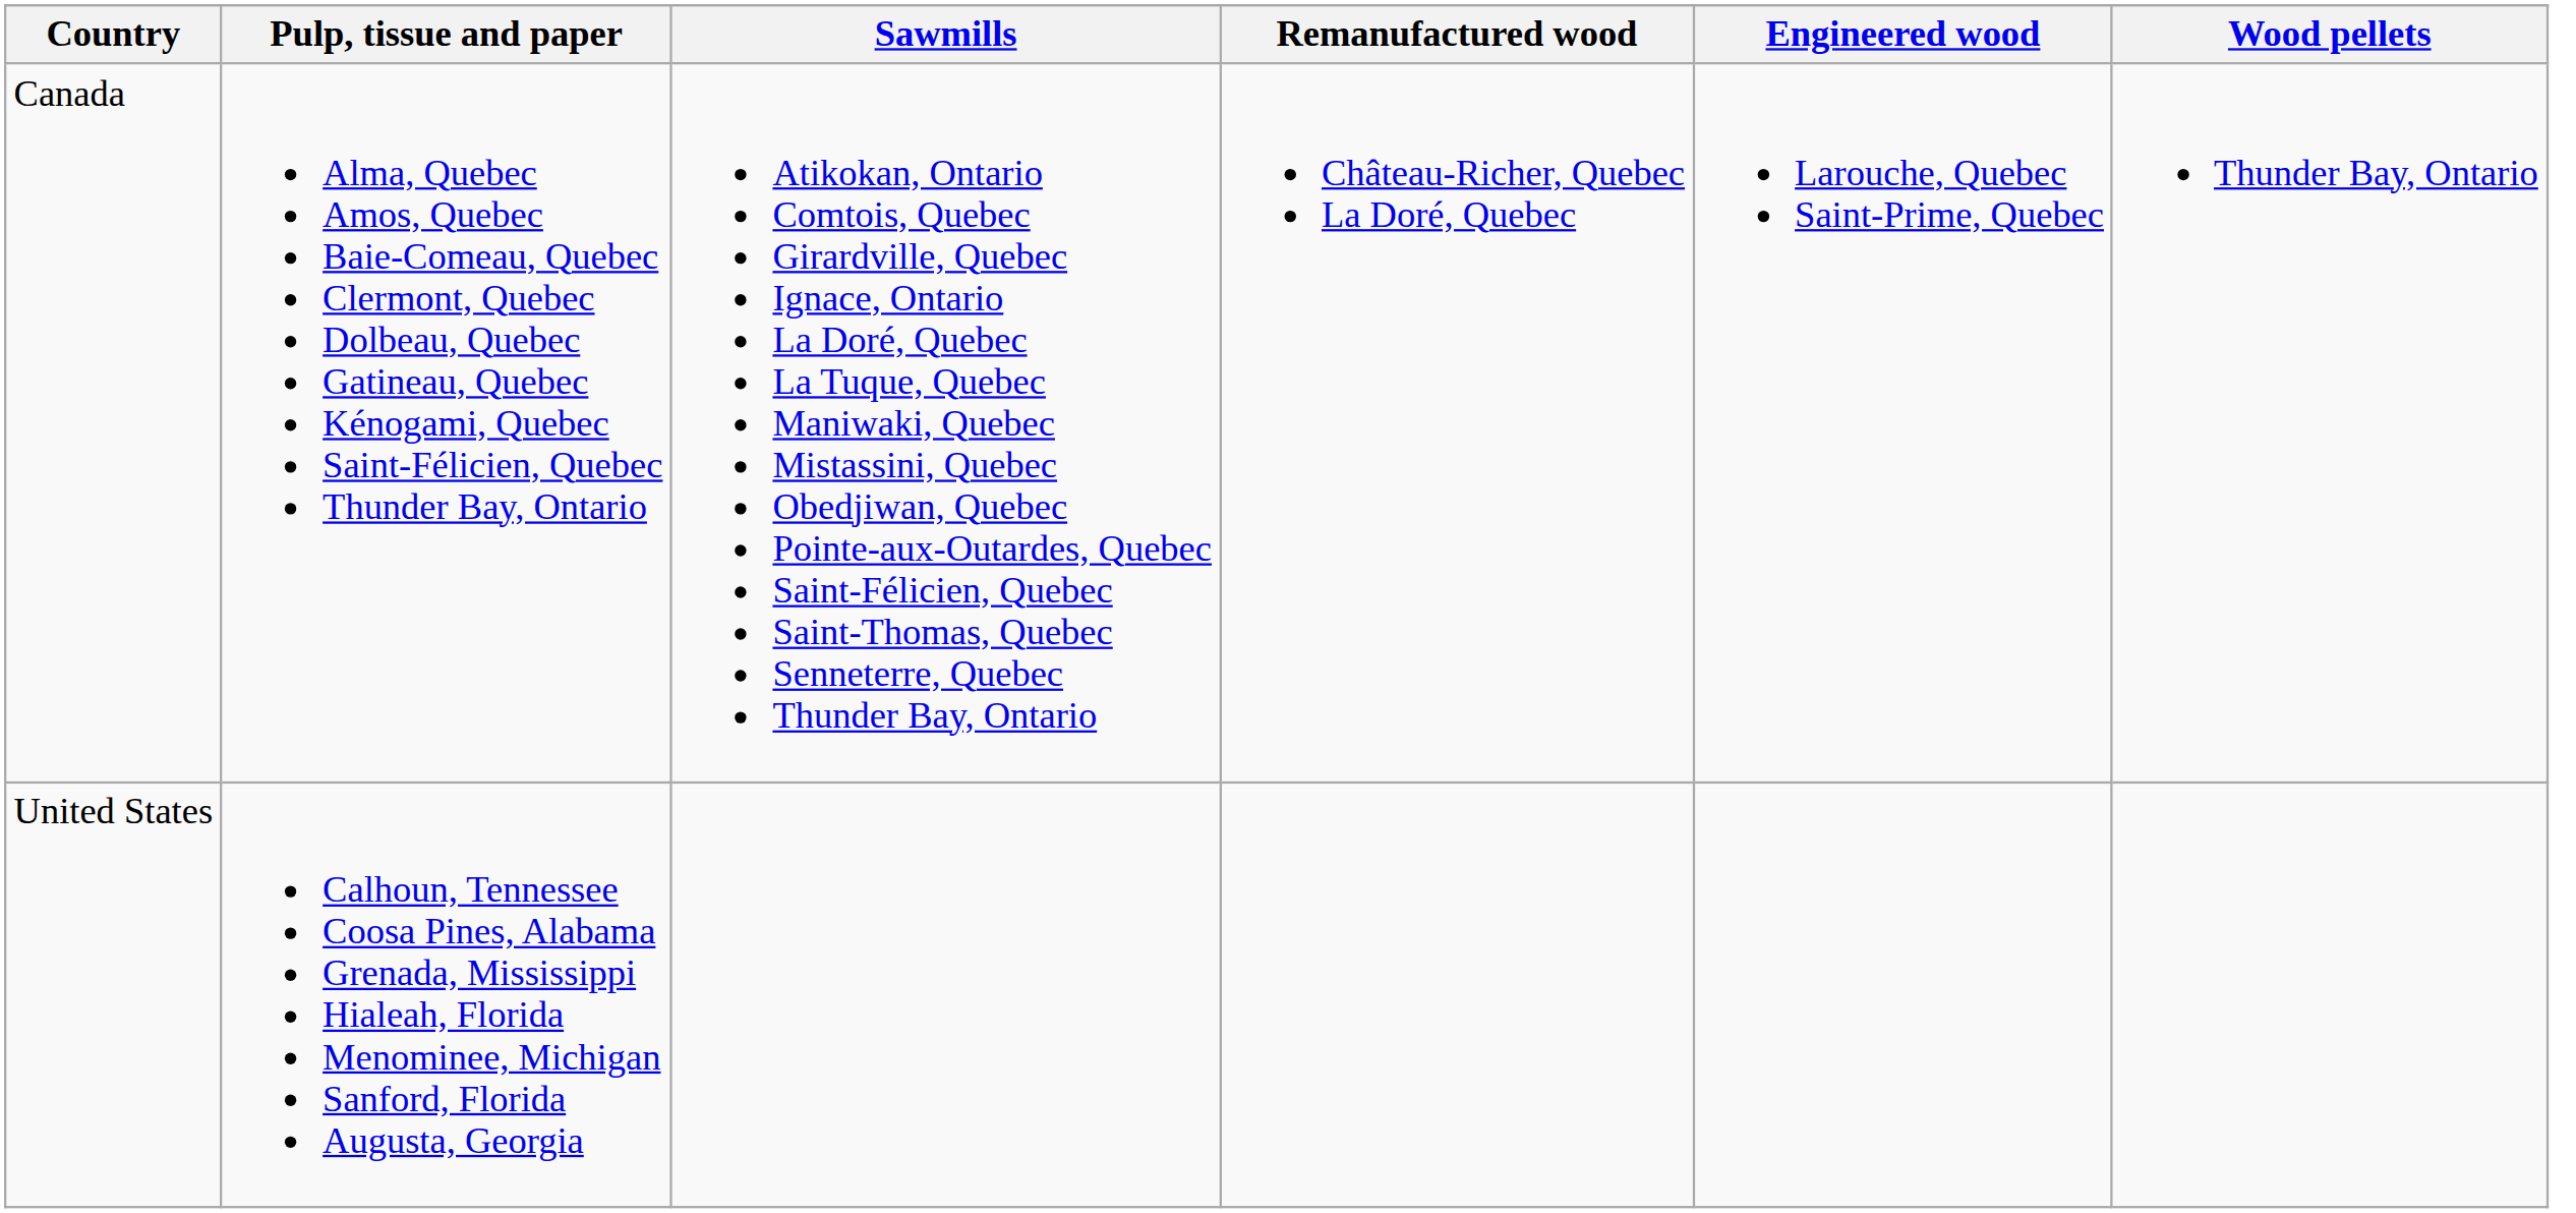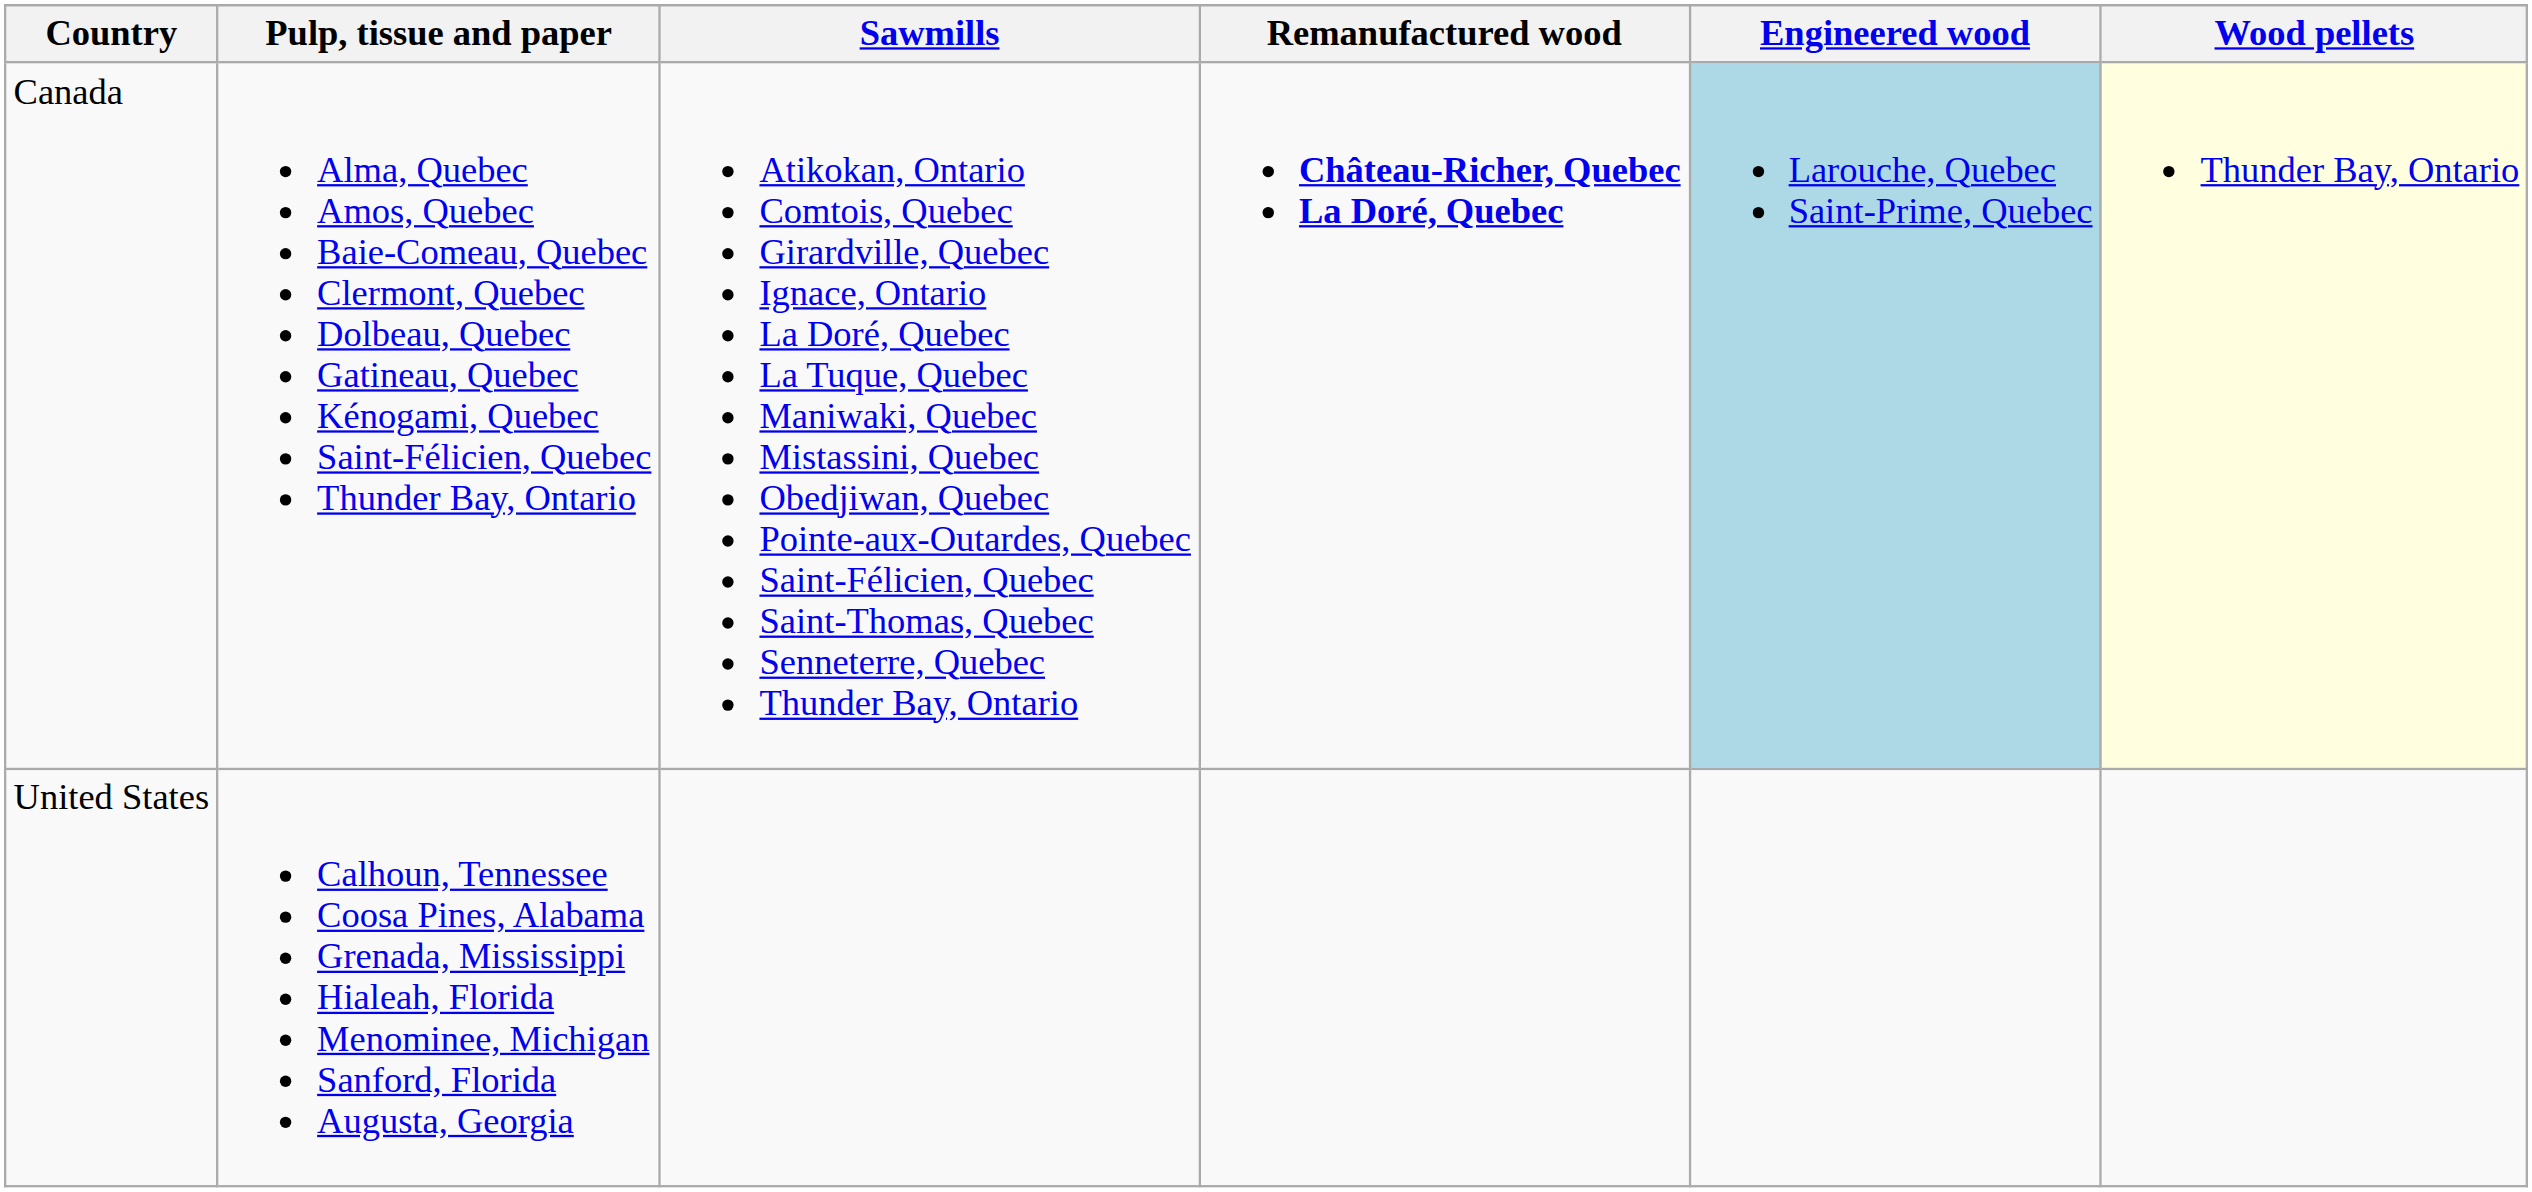 <table class="wikitable" border="1">
 <tr>
 </tr>
 <tr>
 <th>Country</th>
 <th>Pulp, tissue and paper</th>
 <th><a href='#'>Sawmills</a></th>
 <th>Remanufactured wood</th>
 <th><a href='#'>Engineered wood</a></th>
 <th><a href='#'>Wood pellets</a></th>
 </tr>
 <tr valign="top">
 <td>Canada</td>
 <td><br><ul><li><a href='#'>Alma, Quebec</a></li><li><a href='#'>Amos, Quebec</a></li><li><a href='#'>Baie-Comeau, Quebec</a></li><li><a href='#'>Clermont, Quebec</a></li><li><a href='#'>Dolbeau, Quebec</a></li><li><a href='#'>Gatineau, Quebec</a></li><li><a href='#'>Kénogami, Quebec</a></li><li><a href='#'>Saint-Félicien, Quebec</a></li><li><a href='#'>Thunder Bay, Ontario</a></li></ul></td>
 <td><br><ul><li><a href='#'>Atikokan, Ontario</a></li><li><a href='#'>Comtois, Quebec</a></li><li><a href='#'>Girardville, Quebec</a></li><li><a href='#'>Ignace, Ontario</a></li><li><a href='#'>La Doré, Quebec</a></li><li><a href='#'>La Tuque, Quebec</a></li><li><a href='#'>Maniwaki, Quebec</a></li><li><a href='#'>Mistassini, Quebec</a></li><li><a href='#'>Obedjiwan, Quebec</a></li><li><a href='#'>Pointe-aux-Outardes, Quebec</a></li><li><a href='#'>Saint-Félicien, Quebec</a></li><li><a href='#'>Saint-Thomas, Quebec</a></li><li><a href='#'>Senneterre, Quebec</a></li><li><a href='#'>Thunder Bay, Ontario</a></li></ul></td>
-<td><br><ul><li><a href='#'>Château-Richer, Quebec</a></li><li><a href='#'>La Doré, Quebec</a></li></ul></td>
-<td><br><ul><li><a href='#'>Larouche, Quebec</a></li><li><a href='#'>Saint-Prime, Quebec</a></li></ul></td>
-<td><br><ul><li><a href='#'>Thunder Bay, Ontario</a></li></ul></td>
+<td><strong><br><ul><li><a href='#'>Château-Richer, Quebec</a></li><li><a href='#'>La Doré, Quebec</a></li></ul></strong></td>
+<td style="background: lightblue;"><br><ul><li><a href='#'>Larouche, Quebec</a></li><li><a href='#'>Saint-Prime, Quebec</a></li></ul></td>
+<td style="background: lightyellow;"><br><ul><li><a href='#'>Thunder Bay, Ontario</a></li></ul></td>
 </tr>
 <tr valign="top">
 <td>United States</td>
 <td><br><ul><li><a href='#'>Calhoun, Tennessee</a></li><li><a href='#'>Coosa Pines, Alabama</a></li><li><a href='#'>Grenada, Mississippi</a></li><li><a href='#'>Hialeah, Florida</a></li><li><a href='#'>Menominee, Michigan</a></li><li><a href='#'>Sanford, Florida</a></li><li><a href='#'>Augusta, Georgia</a></li></ul></td>
 <td></td>
 <td></td>
 <td></td>
 <td></td>
 </tr>
 </table>
